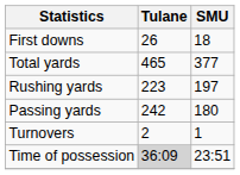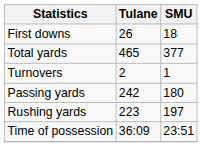 <table class="wikitable" style="float: right;">
 <tr>
 <th>Statistics</th>
 <th>Tulane</th>
 <th>SMU</th>
 </tr>
 <tr>
 <td>First downs</td>
 <td>26</td>
 <td>18</td>
 </tr>
 <tr>
 <td>Total yards</td>
 <td>465</td>
 <td>377</td>
 </tr>
 <tr>
-<td>Rushing yards</td>
-<td>223</td>
-<td>197</td>
+<td>Turnovers</td>
+<td>2</td>
+<td>1</td>
 </tr>
 <tr>
 <td>Passing yards</td>
 <td>242</td>
 <td>180</td>
 </tr>
 <tr>
-<td>Turnovers</td>
-<td>2</td>
-<td>1</td>
+<td>Rushing yards</td>
+<td>223</td>
+<td>197</td>
 </tr>
 <tr>
 <td>Time of possession</td>
-<td style="background: lightgrey;">36:09</td>
+<td>36:09</td>
 <td>23:51</td>
 </tr>
 <tr>
 </tr>
 </table>
